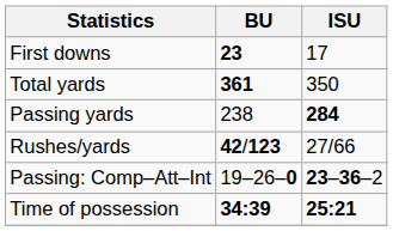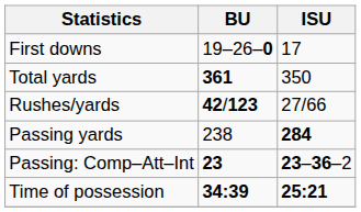 <table class="wikitable" style="float: left;">
 <tr>
 <th>Statistics</th>
 <th>BU</th>
 <th>ISU</th>
 </tr>
 <tr>
 <td>First downs</td>
-<td><strong>23</strong></td>
+<td>19–26–<strong>0</strong></td>
 <td>17</td>
 </tr>
 <tr>
 <td>Total yards</td>
 <td><strong>361</strong></td>
 <td>350</td>
 </tr>
 <tr>
+<td>Rushes/yards</td>
+<td><strong>42</strong>/<strong>123</strong></td>
+<td>27/66</td>
+</tr>
+<tr>
 <td>Passing yards</td>
 <td>238</td>
 <td><strong>284</strong></td>
 </tr>
 <tr>
-<td>Rushes/yards</td>
-<td><strong>42</strong>/<strong>123</strong></td>
-<td>27/66</td>
-</tr>
-<tr>
 <td>Passing: Comp–Att–Int</td>
-<td>19–26–<strong>0</strong></td>
+<td><strong>23</strong></td>
 <td><strong>23</strong>–<strong>36</strong>–2</td>
 </tr>
 <tr>
 <td>Time of possession</td>
 <td><strong>34:39</strong></td>
 <td><strong>25:21</strong></td>
 </tr>
 <tr>
 </tr>
 </table>
